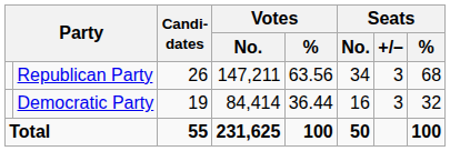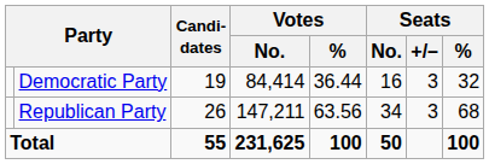 <table class="wikitable" style="font-size:100%; text-align:right;">
 <tr>
 <th colspan=2 rowspan=2>Party</th>
 <th rowspan=2><small>Candi-<br>dates</small></th>
 <th colspan=2>Votes</th>
 <th colspan=3>Seats</th>
 </tr>
 <tr>
 <th>No.</th>
 <th>%</th>
 <th>No.</th>
 <th>+/–</th>
 <th>%</th>
 </tr>
 <tr>
 <td style="background:"></td>
+<td style="text-align:left"><a href='#'>Democratic Party</a></td>
+<td>19</td>
+<td>84,414</td>
+<td>36.44</td>
+<td>16</td>
+<td> 3</td>
+<td>32</td>
+</tr>
+<tr>
+<td style="background:"></td>
 <td style="text-align:left"><a href='#'>Republican Party</a></td>
 <td>26</td>
 <td>147,211</td>
 <td>63.56</td>
 <td>34</td>
 <td> 3</td>
 <td>68</td>
-</tr>
-<tr>
-<td style="background:"></td>
-<td style="text-align:left"><a href='#'>Democratic Party</a></td>
-<td>19</td>
-<td>84,414</td>
-<td>36.44</td>
-<td>16</td>
-<td> 3</td>
-<td>32</td>
 </tr>
 <tr style="font-weight:bold">
 <td colspan=2 style="text-align:left">Total</td>
 <td>55</td>
 <td>231,625</td>
 <td>100</td>
 <td>50</td>
 <td></td>
 <td>100</td>
 </tr>
 </table>
